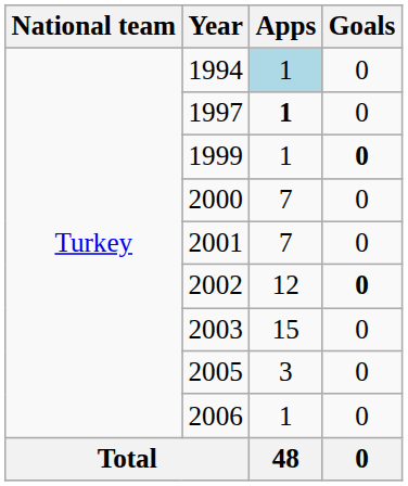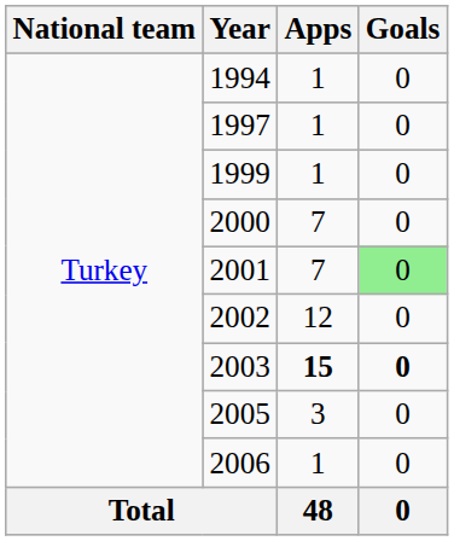 <table class="wikitable" style="text-align:center">
 <tr>
 <th>National team</th>
 <th>Year</th>
 <th>Apps</th>
 <th>Goals</th>
 </tr>
 <tr>
 <td rowspan="9"><a href='#'>Turkey</a></td>
 <td>1994</td>
-<td style="background: lightblue;">1</td>
+<td>1</td>
 <td>0</td>
 </tr>
 <tr>
 <td>1997</td>
-<td><strong>1</strong></td>
+<td>1</td>
 <td>0</td>
 </tr>
 <tr>
 <td>1999</td>
 <td>1</td>
-<td><strong>0</strong></td>
+<td>0</td>
 </tr>
 <tr>
 <td>2000</td>
 <td>7</td>
 <td>0</td>
 </tr>
 <tr>
 <td>2001</td>
 <td>7</td>
-<td>0</td>
+<td style="background: lightgreen;">0</td>
 </tr>
 <tr>
 <td>2002</td>
 <td>12</td>
-<td><strong>0</strong></td>
+<td>0</td>
 </tr>
 <tr>
 <td>2003</td>
-<td>15</td>
-<td>0</td>
+<td><strong>15</strong></td>
+<td><strong>0</strong></td>
 </tr>
 <tr>
 <td>2005</td>
 <td>3</td>
 <td>0</td>
 </tr>
 <tr>
 <td>2006</td>
 <td>1</td>
 <td>0</td>
 </tr>
 <tr>
 <th colspan="2">Total</th>
 <th>48</th>
 <th>0</th>
 </tr>
 </table>
